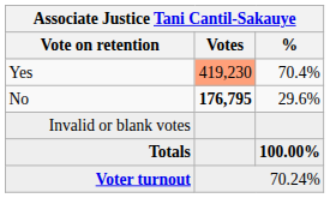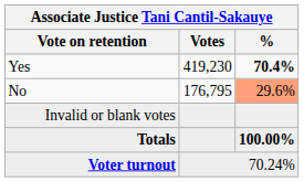 <table class="wikitable" style="font-size: 95%;">
 <tr style="background-color:#E9E9E9">
 <th colspan=7>Associate Justice <a href='#'>Tani Cantil-Sakauye</a></th>
 </tr>
 <tr style="background-color:#E9E9E9">
 <th style="width: 170px">Vote on retention</th>
 <th style="width: 50px">Votes</th>
 <th style="width: 40px">%</th>
 </tr>
 <tr>
 <td>Yes</td>
-<td align="right" style="background: lightsalmon;">419,230</td>
-<td align="right">70.4%</td>
+<td align="right">419,230</td>
+<td align="right"><strong>70.4%</strong></td>
 </tr>
 <tr>
 <td>No</td>
-<td align="right"><strong>176,795</strong></td>
-<td align="right">29.6%</td>
+<td align="right">176,795</td>
+<td align="right" style="background: lightsalmon;">29.6%</td>
 </tr>
 <tr bgcolor="#EEEEEE">
 <td align="right">Invalid or blank votes</td>
 <td align="right"></td>
 <td align="right"></td>
 </tr>
 <tr bgcolor="#EEEEEE">
 <td align="right"><strong>Totals</strong></td>
 <td align="right"><strong></strong></td>
 <td align="right"><strong>100.00%</strong></td>
 </tr>
 <tr bgcolor="#EEEEEE">
 <td align="right"><strong><a href='#'>Voter turnout</a></strong></td>
 <td colspan="2" align="right">70.24%</td>
 </tr>
 </table>
